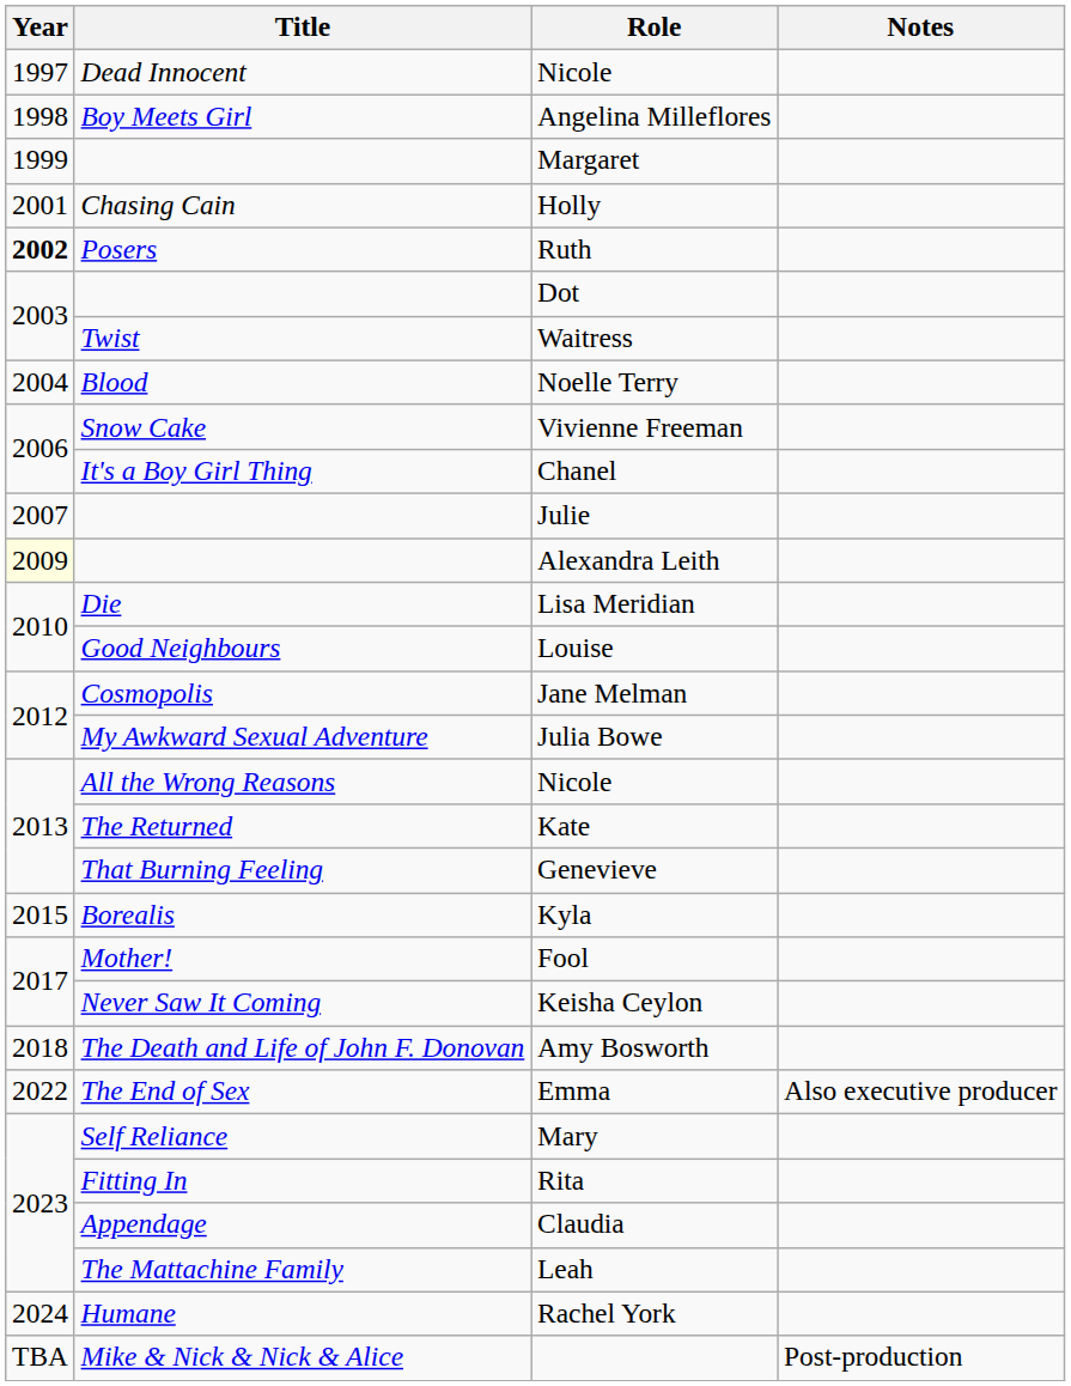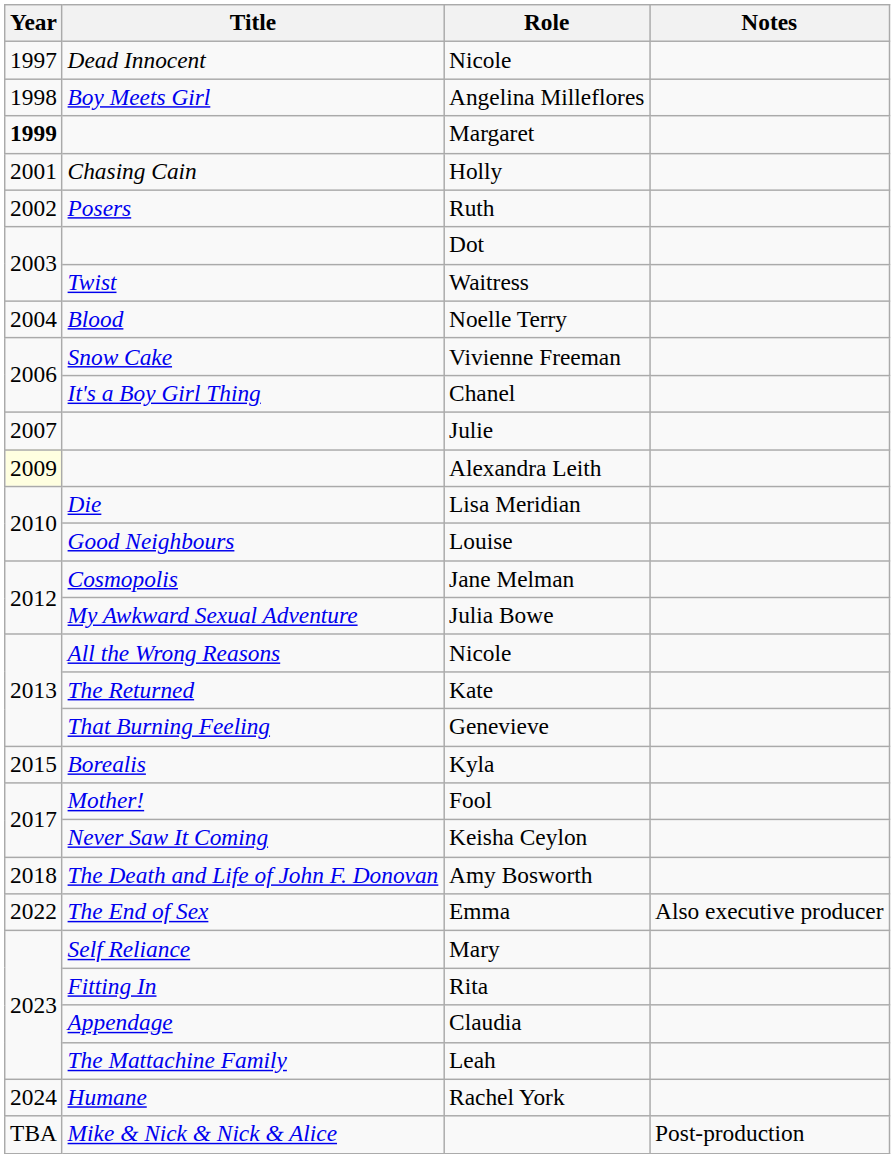 <table class="wikitable sortable">
 <tr>
 <th>Year</th>
 <th>Title</th>
 <th>Role</th>
 <th class="unsortable">Notes</th>
 </tr>
 <tr>
 <td>1997</td>
 <td><em>Dead Innocent</em></td>
 <td>Nicole</td>
 <td></td>
 </tr>
 <tr>
 <td>1998</td>
 <td><em><a href='#'>Boy Meets Girl</a></em></td>
 <td>Angelina Milleflores</td>
 <td></td>
 </tr>
 <tr>
-<td>1999</td>
+<td><strong>1999</strong></td>
 <td><em></em></td>
 <td>Margaret</td>
 <td></td>
 </tr>
 <tr>
 <td>2001</td>
 <td><em>Chasing Cain</em></td>
 <td>Holly</td>
 <td></td>
 </tr>
 <tr>
-<td><strong>2002</strong></td>
+<td>2002</td>
 <td><em><a href='#'>Posers</a></em></td>
 <td>Ruth</td>
 <td></td>
 </tr>
 <tr>
 <td rowspan="2">2003</td>
 <td><em></em></td>
 <td>Dot</td>
 <td></td>
 </tr>
 <tr>
 <td><em><a href='#'>Twist</a></em></td>
 <td>Waitress</td>
 <td></td>
 </tr>
 <tr>
 <td>2004</td>
 <td><em><a href='#'>Blood</a></em></td>
 <td>Noelle Terry</td>
 <td></td>
 </tr>
 <tr>
 <td rowspan="2">2006</td>
 <td><em><a href='#'>Snow Cake</a></em></td>
 <td>Vivienne Freeman</td>
 <td></td>
 </tr>
 <tr>
 <td><em><a href='#'>It's a Boy Girl Thing</a></em></td>
 <td>Chanel</td>
 <td></td>
 </tr>
 <tr>
 <td>2007</td>
 <td><em></em></td>
 <td>Julie</td>
 <td></td>
 </tr>
 <tr>
 <td style="background: lightyellow;">2009</td>
 <td><em></em></td>
 <td>Alexandra Leith</td>
 <td></td>
 </tr>
 <tr>
 <td rowspan="2">2010</td>
 <td><em><a href='#'>Die</a></em></td>
 <td>Lisa Meridian</td>
 <td></td>
 </tr>
 <tr>
 <td><em><a href='#'>Good Neighbours</a></em></td>
 <td>Louise</td>
 <td></td>
 </tr>
 <tr>
 <td rowspan="2">2012</td>
 <td><em><a href='#'>Cosmopolis</a></em></td>
 <td>Jane Melman</td>
 <td></td>
 </tr>
 <tr>
 <td><em><a href='#'>My Awkward Sexual Adventure</a></em></td>
 <td>Julia Bowe</td>
 <td></td>
 </tr>
 <tr>
 <td rowspan="3">2013</td>
 <td><em><a href='#'>All the Wrong Reasons</a></em></td>
 <td>Nicole</td>
 <td></td>
 </tr>
 <tr>
 <td data-sort-value="Returned, The"><em><a href='#'>The Returned</a></em></td>
 <td>Kate</td>
 <td></td>
 </tr>
 <tr>
 <td><em><a href='#'>That Burning Feeling</a></em></td>
 <td>Genevieve</td>
 <td></td>
 </tr>
 <tr>
 <td>2015</td>
 <td><em><a href='#'>Borealis</a></em></td>
 <td>Kyla</td>
 <td></td>
 </tr>
 <tr>
 <td rowspan="2">2017</td>
 <td><em><a href='#'>Mother!</a></em></td>
 <td>Fool</td>
 <td></td>
 </tr>
 <tr>
 <td><em><a href='#'>Never Saw It Coming</a></em></td>
 <td>Keisha Ceylon</td>
 <td></td>
 </tr>
 <tr>
 <td>2018</td>
 <td data-sort-value="Death and Life of John F. Donovan, The"><em><a href='#'>The Death and Life of John F. Donovan</a></em></td>
 <td>Amy Bosworth</td>
 <td></td>
 </tr>
 <tr>
 <td>2022</td>
 <td data-sort-value="End of Sex, The"><em><a href='#'>The End of Sex</a></em></td>
 <td>Emma</td>
 <td>Also executive producer</td>
 </tr>
 <tr>
 <td rowspan="4">2023</td>
 <td><em><a href='#'>Self Reliance</a></em></td>
 <td>Mary</td>
 <td></td>
 </tr>
 <tr>
 <td><em><a href='#'>Fitting In</a></em></td>
 <td>Rita</td>
 <td></td>
 </tr>
 <tr>
 <td><em><a href='#'>Appendage</a></em></td>
 <td>Claudia</td>
 <td></td>
 </tr>
 <tr>
 <td data-sort-value="Mattachine Family, The"><em><a href='#'>The Mattachine Family</a></em></td>
 <td>Leah</td>
 <td></td>
 </tr>
 <tr>
 <td>2024</td>
 <td><em><a href='#'>Humane</a></em></td>
 <td>Rachel York</td>
 <td></td>
 </tr>
 <tr>
 <td>TBA</td>
 <td><em><a href='#'>Mike & Nick & Nick & Alice</a></em></td>
 <td></td>
 <td>Post-production</td>
 </tr>
 </table>
